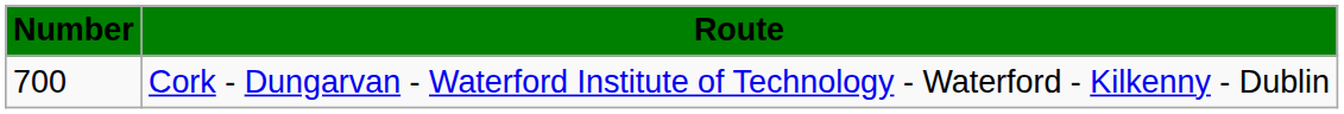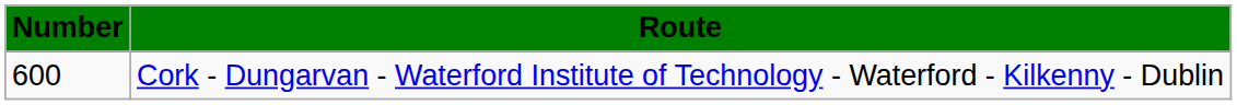 <table class="wikitable">
 <tr>
 <th style="background:green;"><span> Number</span></th>
 <th style="background:green;"><span> Route</span></th>
 </tr>
 <tr>
-<td>700</td>
+<td>600</td>
 <td><a href='#'>Cork</a> - <a href='#'>Dungarvan</a> - <a href='#'>Waterford Institute of Technology</a> - Waterford - <a href='#'>Kilkenny</a> - Dublin</td>
 </tr>
 </table>
